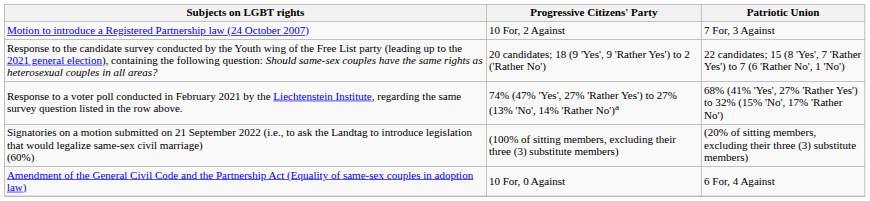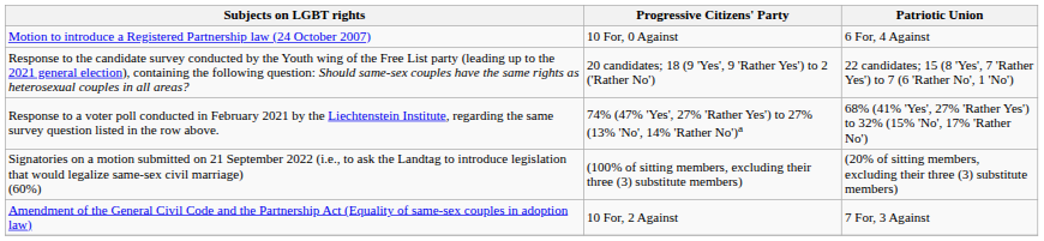 <table class="wikitable">
 <tr>
 <th>Subjects on LGBT rights</th>
 <th style="width:25%;">Progressive Citizens' Party</th>
 <th>Patriotic Union</th>
 </tr>
 <tr>
 <td><a href='#'>Motion to introduce a Registered Partnership law (24 October 2007)</a></td>
-<td><span>10 For</span>, <span>2 Against</span></td>
-<td><span>7 For</span>, <span>3 Against</span></td>
+<td><span>10 For</span>, <span>0 Against</span></td>
+<td><span>6 For</span>, <span>4 Against</span></td>
 </tr>
 <tr>
 <td>Response to the candidate survey conducted by the Youth wing of the Free List party (leading up to the <a href='#'>2021 general election</a>), containing the following question: <em>Should same-sex couples have the same rights as heterosexual couples in all areas?</em></td>
 <td>20 candidates; <span>18</span> (<span>9 'Yes'</span>, <span>9 'Rather Yes'</span>) to <span>2</span> (<span>'Rather No'</span>)</td>
 <td>22 candidates; <span>15</span> (<span>8 'Yes'</span>, <span>7 'Rather Yes'</span>) to <span>7</span> (<span>6 'Rather No'</span>, <span>1 'No'</span>)</td>
 </tr>
 <tr>
 <td>Response to a voter poll conducted in February 2021 by the <a href='#'>Liechtenstein Institute</a>, regarding the same survey question listed in the row above.</td>
 <td><span>74%</span> (<span>47% 'Yes'</span>, <span>27% 'Rather Yes'</span>) to <span>27%</span> (<span>13% 'No'</span>, <span>14% 'Rather No'</span>)<sup>a</sup></td>
 <td><span>68%</span> (<span>41% 'Yes'</span>, <span>27% 'Rather Yes'</span>) to <span>32%</span> (<span>15% 'No'</span>, <span>17% 'Rather No'</span>)</td>
 </tr>
 <tr>
 <td>Signatories on a motion submitted on 21 September 2022 (i.e., to ask the Landtag to introduce legislation that would legalize same-sex civil marriage)<br> (60%)</td>
 <td> (100% of sitting members, excluding their three (3) substitute members)</td>
 <td> (20% of sitting members, excluding their three (3) substitute members)</td>
 </tr>
 <tr>
 <td><a href='#'>Amendment of the General Civil Code and the Partnership Act (Equality of same-sex couples in adoption law)</a></td>
-<td><span>10 For</span>, <span>0 Against</span></td>
-<td><span>6 For</span>, <span>4 Against</span></td>
+<td><span>10 For</span>, <span>2 Against</span></td>
+<td><span>7 For</span>, <span>3 Against</span></td>
 </tr>
 <tr>
 </tr>
 </table>
